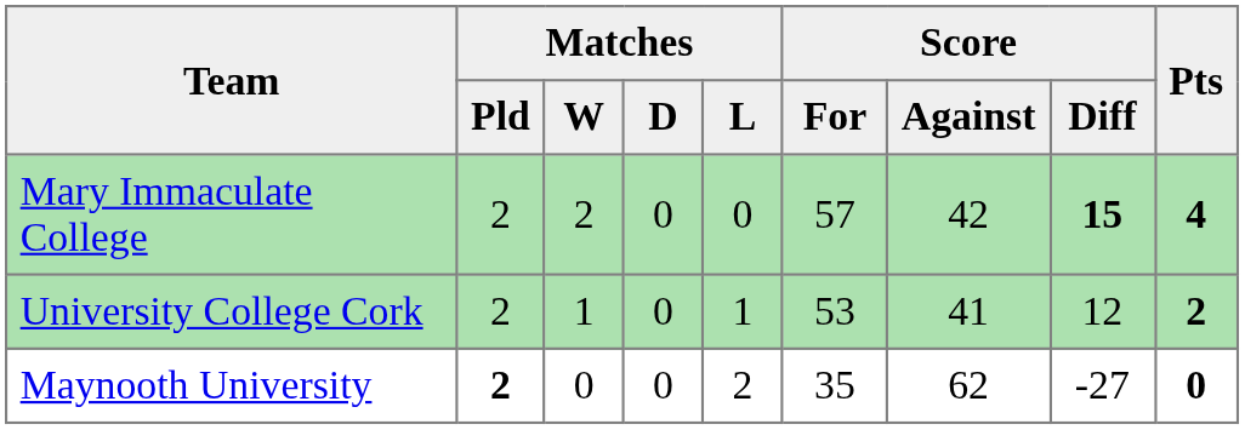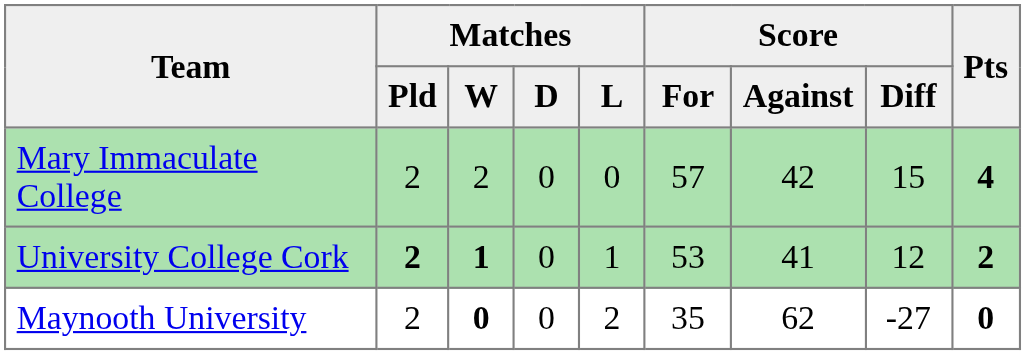 <table style=border-collapse:collapse border=1 cellspacing=0 cellpadding=5>
 <tr align=center bgcolor=#efefef>
 <th rowspan=2 width=165>Team</th>
 <th colspan=4>Matches</th>
 <th colspan=3>Score</th>
 <th rowspan=2width=20>Pts</th>
 </tr>
 <tr align=center bgcolor=#efefef>
 <th width=20>Pld</th>
 <th width=20>W</th>
 <th width=20>D</th>
 <th width=20>L</th>
 <th width=30>For</th>
 <th width=30>Against</th>
 <th width=30>Diff</th>
 </tr>
 <tr align=center style="background:#ACE1AF;">
 <td style="text-align:left;"><a href='#'>Mary Immaculate College</a></td>
 <td>2</td>
 <td>2</td>
 <td>0</td>
 <td>0</td>
 <td>57</td>
 <td>42</td>
-<td><strong>15</strong></td>
+<td>15</td>
 <td><strong>4</strong></td>
 </tr>
 <tr align=center style="background:#ACE1AF;">
 <td style="text-align:left;"><a href='#'>University College Cork</a></td>
-<td>2</td>
-<td>1</td>
+<td><strong>2</strong></td>
+<td><strong>1</strong></td>
 <td>0</td>
 <td>1</td>
 <td>53</td>
 <td>41</td>
 <td>12</td>
 <td><strong>2</strong></td>
 </tr>
 <tr align=center>
 <td style="text-align:left;"><a href='#'>Maynooth University</a></td>
-<td><strong>2</strong></td>
-<td>0</td>
+<td>2</td>
+<td><strong>0</strong></td>
 <td>0</td>
 <td>2</td>
 <td>35</td>
 <td>62</td>
 <td>-27</td>
 <td><strong>0</strong></td>
 </tr>
 </table>
